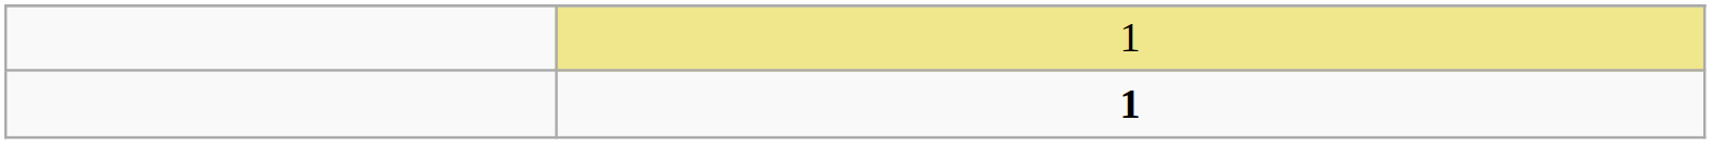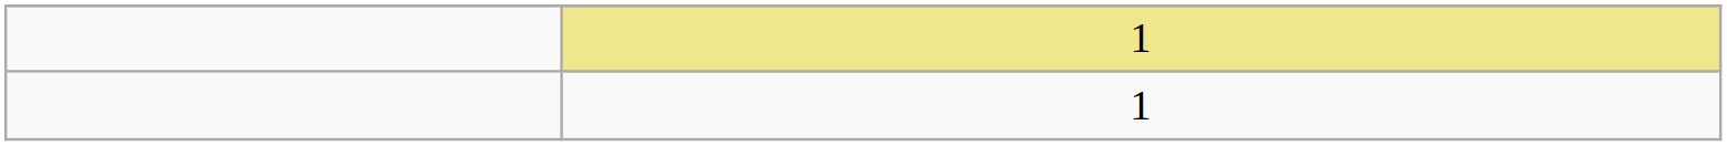 <table class="wikitable" width=33%>
 <tr>
 </tr>
 <tr align=center>
 <td><a href='#'><strong></strong></a></td>
 <td align=center style="background: khaki;">1</td>
 </tr>
 <tr align=center>
 <td><a href='#'><strong></strong></a></td>
-<td align=center><strong>1</strong></td>
+<td align=center>1</td>
 </tr>
 </table>
